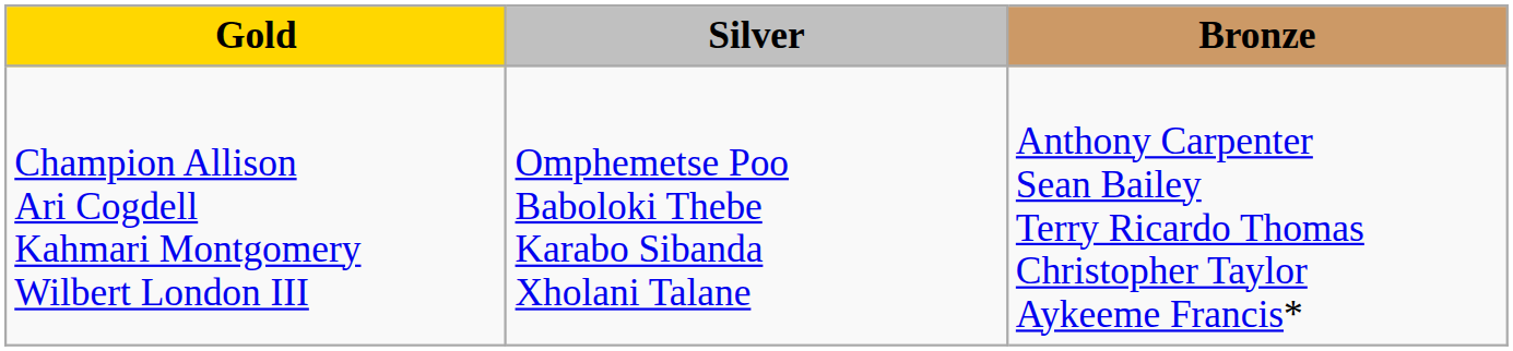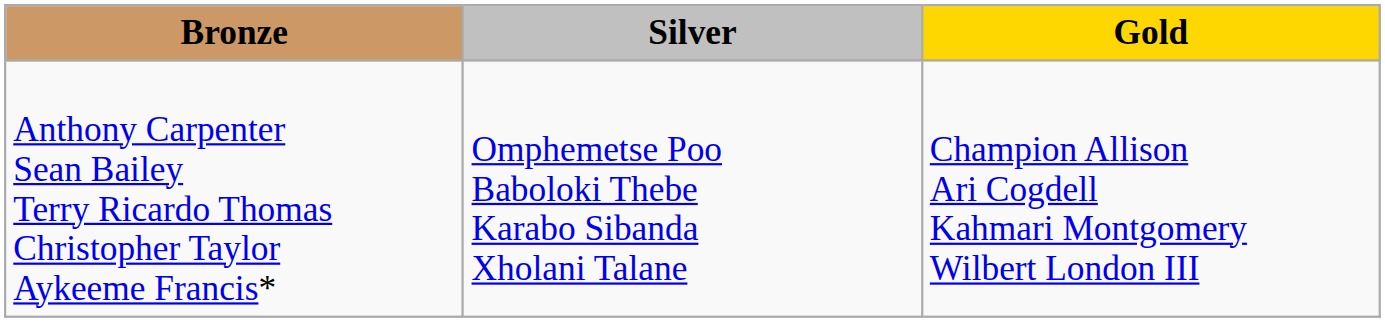 <table class="wikitable" style="text-align:left">
 <tr align="center">
+<td width=200 bgcolor=CC9966><strong>Bronze</strong></td>
+<td width=200 bgcolor=silver><strong>Silver</strong></td>
 <td width=200 bgcolor=gold><strong>Gold</strong></td>
-<td width=200 bgcolor=silver><strong>Silver</strong></td>
-<td width=200 bgcolor=CC9966><strong>Bronze</strong></td>
 </tr>
 <tr>
+<td><em></em><br><a href='#'>Anthony Carpenter</a><br><a href='#'>Sean Bailey</a><br><a href='#'>Terry Ricardo Thomas</a><br><a href='#'>Christopher Taylor</a><br><a href='#'>Aykeeme Francis</a>*</td>
+<td><em></em><br><a href='#'>Omphemetse Poo</a><br><a href='#'>Baboloki Thebe</a><br><a href='#'>Karabo Sibanda</a><br><a href='#'>Xholani Talane</a></td>
 <td><em></em><br><a href='#'>Champion Allison</a><br><a href='#'>Ari Cogdell</a><br><a href='#'>Kahmari Montgomery</a><br><a href='#'>Wilbert London III</a></td>
-<td><em></em><br><a href='#'>Omphemetse Poo</a><br><a href='#'>Baboloki Thebe</a><br><a href='#'>Karabo Sibanda</a><br><a href='#'>Xholani Talane</a></td>
-<td><em></em><br><a href='#'>Anthony Carpenter</a><br><a href='#'>Sean Bailey</a><br><a href='#'>Terry Ricardo Thomas</a><br><a href='#'>Christopher Taylor</a><br><a href='#'>Aykeeme Francis</a>*</td>
 </tr>
 </table>
